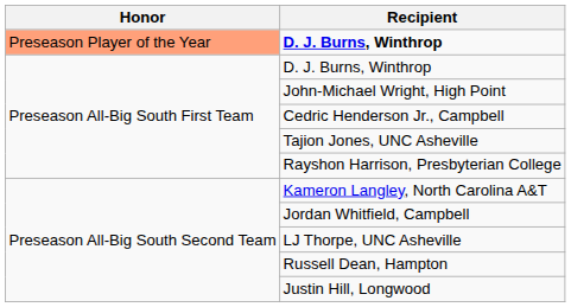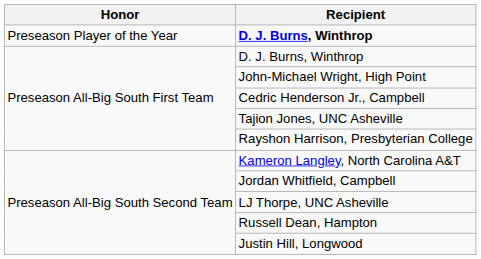 <table class="wikitable">
 <tr>
 <th>Honor</th>
 <th>Recipient</th>
 </tr>
 <tr>
-<td style="background: lightsalmon;">Preseason Player of the Year</td>
+<td>Preseason Player of the Year</td>
 <td><strong><a href='#'>D. J. Burns</a>, Winthrop</strong></td>
 </tr>
 <tr>
 <td rowspan="5">Preseason All-Big South First Team</td>
 <td>D. J. Burns, Winthrop</td>
 </tr>
 <tr>
 <td>John-Michael Wright, High Point</td>
 </tr>
 <tr>
 <td>Cedric Henderson Jr., Campbell</td>
 </tr>
 <tr>
 <td>Tajion Jones, UNC Asheville</td>
 </tr>
 <tr>
 <td>Rayshon Harrison, Presbyterian College</td>
 </tr>
 <tr>
 <td rowspan="5">Preseason All-Big South Second Team</td>
 <td><a href='#'>Kameron Langley</a>, North Carolina A&T</td>
 </tr>
 <tr>
 <td>Jordan Whitfield, Campbell</td>
 </tr>
 <tr>
 <td>LJ Thorpe, UNC Asheville</td>
 </tr>
 <tr>
 <td>Russell Dean, Hampton</td>
 </tr>
 <tr>
 <td>Justin Hill, Longwood</td>
 </tr>
 </table>
